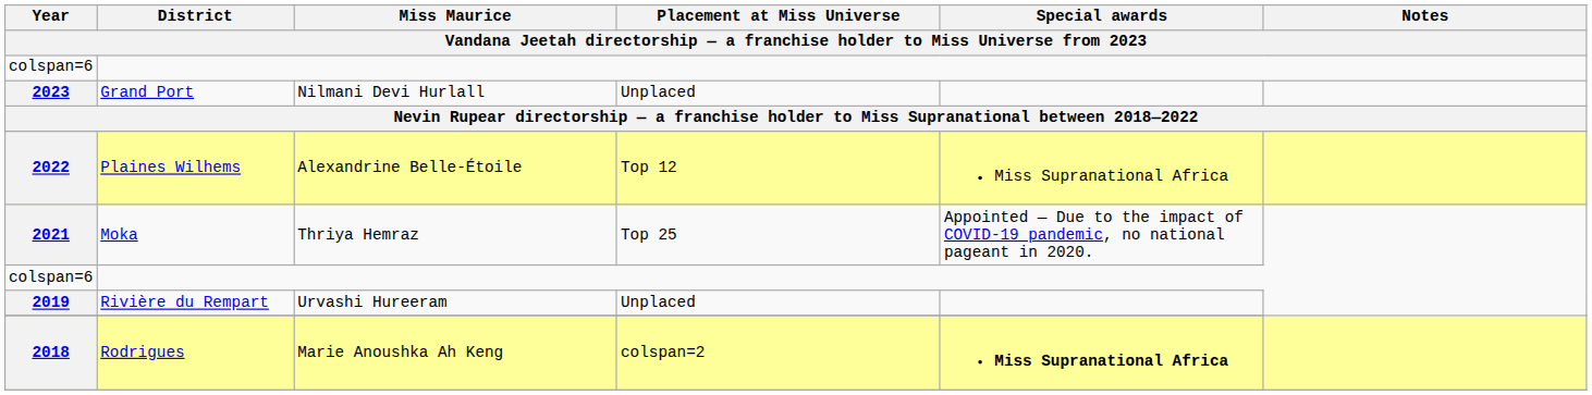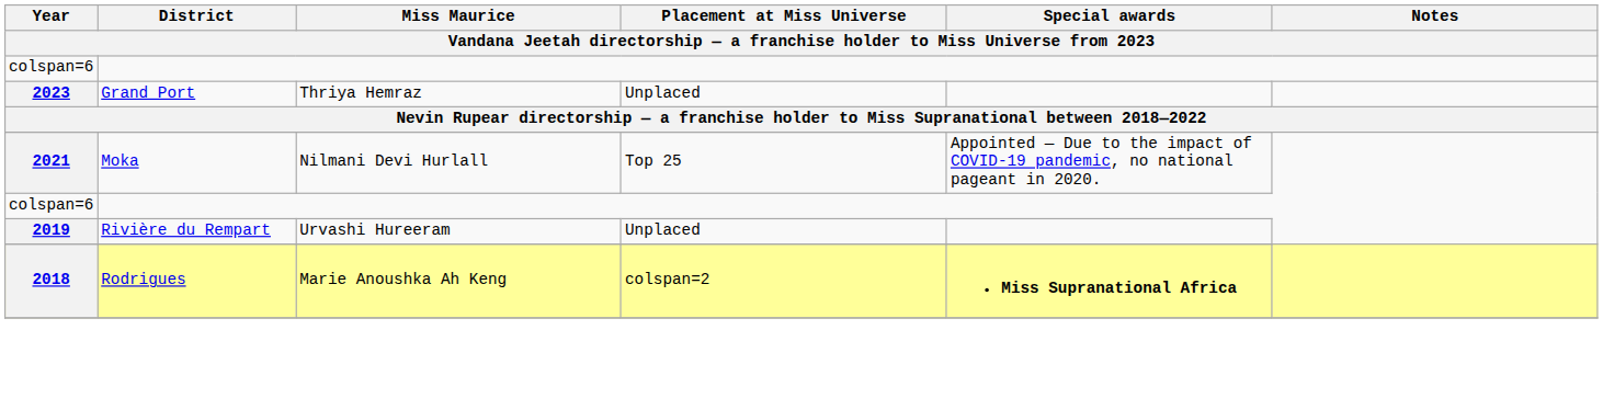 <table class="wikitable " style="font-size: 95%;">
 <tr>
 <th width="60">Year</th>
 <th width="150">District</th>
 <th width="250">Miss Maurice</th>
 <th width="250">Placement at Miss Universe</th>
 <th width="250">Special awards</th>
 <th width="250">Notes</th>
 </tr>
 <tr>
 <th colspan="6">Vandana Jeetah directorship — a franchise holder to Miss Universe from 2023</th>
 </tr>
 <tr>
 <td>colspan=6 </td>
 </tr>
 <tr>
 <th><a href='#'>2023</a></th>
 <td><a href='#'>Grand Port</a></td>
-<td>Nilmani Devi Hurlall</td>
+<td>Thriya Hemraz</td>
 <td>Unplaced</td>
 <td></td>
 <td></td>
 </tr>
 <tr>
 <th colspan="6">Nevin Rupear directorship — a franchise holder to Miss Supranational between 2018―2022</th>
 </tr>
 <tr>
 </tr>
-<tr style="background-color:#FFFF99; ">
-<th><a href='#'>2022</a></th>
-<td><a href='#'>Plaines Wilhems</a></td>
-<td>Alexandrine Belle-Étoile</td>
-<td>Top 12</td>
-<td align="left"><br><ul><li>Miss Supranational Africa</li></ul></td>
-<td></td>
-</tr>
 <tr>
 <th><a href='#'>2021</a></th>
 <td><a href='#'>Moka</a></td>
-<td>Thriya Hemraz</td>
+<td>Nilmani Devi Hurlall</td>
 <td>Top 25</td>
 <td>Appointed — Due to the impact of <a href='#'>COVID-19 pandemic</a>, no national pageant in 2020.</td>
 </tr>
 <tr>
 <td>colspan=6 </td>
 </tr>
 <tr>
 <th><a href='#'>2019</a></th>
 <td><a href='#'>Rivière du Rempart</a></td>
 <td>Urvashi Hureeram</td>
 <td>Unplaced</td>
 <td></td>
 </tr>
 <tr>
 </tr>
 <tr style="background-color:#FFFF99; ">
 <th><a href='#'>2018</a></th>
 <td><a href='#'>Rodrigues</a></td>
 <td>Marie Anoushka Ah Keng</td>
 <td>colspan=2 </td>
 <td align="left"><strong><br><ul><li>Miss Supranational Africa</li></ul></strong></td>
 <td></td>
 </tr>
 <tr>
 </tr>
 </table>
